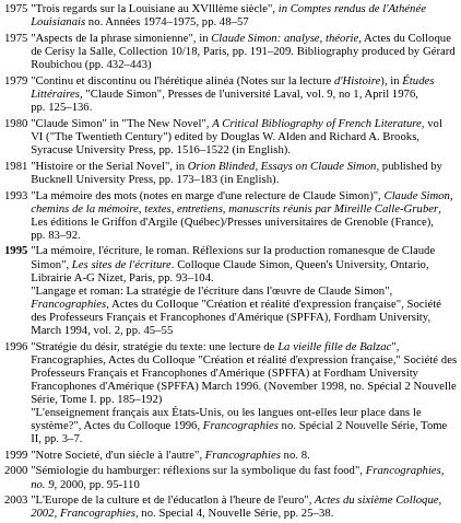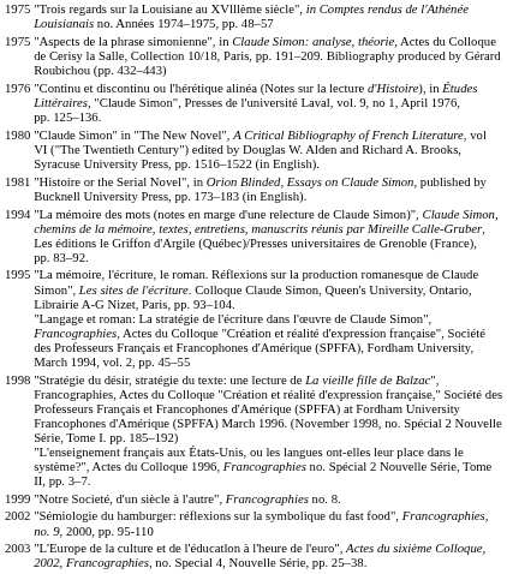 <table>
 <tr>
 <td style="vertical-align: top;">1975</td>
 <td>"Trois regards sur la Louisiane au XVlllème siècle", <em>in Comptes rendus de l'Athénée Louisianais</em> no. Années 1974–1975, pp. 48–57</td>
 </tr>
 <tr>
 <td style="vertical-align: top;">1975</td>
 <td>"Aspects de la phrase simonienne", in <em>Claude Simon: analyse, théorie</em>, Actes du Colloque de Cerisy la Salle, Collection 10/18, Paris, pp. 191–209. Bibliography produced by Gérard Roubichou (pp. 432–443)</td>
 </tr>
 <tr>
-<td style="vertical-align: top;">1979</td>
+<td style="vertical-align: top;">1976</td>
 <td>"Continu et discontinu ou l'hérétique alinéa (Notes sur la lecture <em>d'Histoire</em>), in <em>Études Littéraires</em>, "Claude Simon", Presses de l'université Laval, vol. 9, no 1, April 1976, pp. 125–136.</td>
 </tr>
 <tr>
 <td style="vertical-align: top;">1980</td>
 <td>"Claude Simon" in "The New Novel", <em>A Critical Bibliography of French Literature</em>, vol VI ("The Twentieth Century") edited by Douglas W. Alden and Richard A. Brooks, Syracuse University Press, pp. 1516–1522 (in English).</td>
 </tr>
 <tr>
 <td style="vertical-align: top;">1981</td>
 <td>"Histoire or the Serial Novel", in <em>Orion Blinded, Essays on Claude Simon</em>, published by Bucknell University Press, pp. 173–183 (in English).</td>
 </tr>
 <tr>
-<td style="vertical-align: top;">1993</td>
+<td style="vertical-align: top;">1994</td>
 <td>"La mémoire des mots (notes en marge d'une relecture de Claude Simon)", <em>Claude Simon, chemins de la mémoire, textes, entretiens, manuscrits réunis par Mireille Calle-Gruber</em>, Les éditions le Griffon d'Argile (Québec)/Presses universitaires de Grenoble (France), pp. 83–92.</td>
 </tr>
 <tr>
-<td style="vertical-align: top;"><strong>1995</strong></td>
+<td style="vertical-align: top;">1995</td>
 <td>"La mémoire, l'écriture, le roman. Réflexions sur la production romanesque de Claude Simon", <em>Les sites de l'écriture</em>. Colloque Claude Simon, Queen's University, Ontario, Librairie A-G Nizet, Paris, pp. 93–104.<br>"Langage et roman: La stratégie de l'écriture dans l'œuvre de Claude Simon", <em>Francographies</em>, Actes du Colloque "Création et réalité d'expression française", Société des Professeurs Français et Francophones d'Amérique (SPFFA), Fordham University, March 1994, vol. 2, pp. 45–55</td>
 </tr>
 <tr>
-<td style="vertical-align: top;">1996</td>
+<td style="vertical-align: top;">1998</td>
 <td>"Stratégie du désir, stratégie du texte: une lecture de <em>La vieille fille de Balzac</em>", Francographies, Actes du Colloque "Création et réalité d'expression française," Société des Professeurs Français et Francophones d'Amérique (SPFFA) at Fordham University Francophones d'Amérique (SPFFA) March 1996. (November 1998, no. Spécial 2 Nouvelle Série, Tome I. pp. 185–192)<br>"L'enseignement français aux États-Unis, ou les langues ont-elles leur place dans le système?", Actes du Colloque 1996, <em>Francographies</em> no. Spécial 2 Nouvelle Série, Tome II, pp. 3–7.</td>
 </tr>
 <tr>
 <td style="vertical-align: top;">1999</td>
 <td>"Notre Societé, d'un siècle à l'autre", <em>Francographies</em> no. 8.</td>
 </tr>
 <tr>
-<td style="vertical-align: top;">2000</td>
+<td style="vertical-align: top;">2002</td>
 <td>"Sémiologie du hamburger: réflexions sur la symbolique du fast food", <em>Francographies, no. 9</em>, 2000, pp. 95-110</td>
 </tr>
 <tr>
 <td style="vertical-align: top;">2003</td>
 <td>"L'Europe de la culture et de l'éducatlon à l'heure de l'euro", <em>Actes du sixième Colloque, 2002, Francographies</em>, no. Special 4, Nouvelle Série, pp. 25–38.</td>
 </tr>
 </table>
